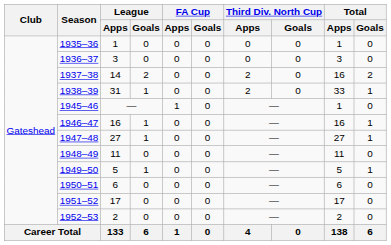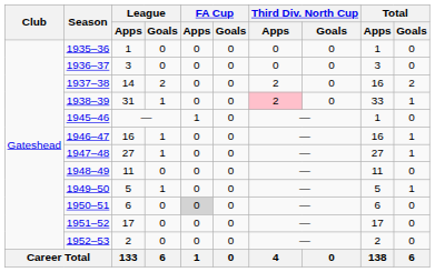 <table class="wikitable" style="text-align: center;">
 <tr>
 <th rowspan="2">Club</th>
 <th rowspan="2">Season</th>
 <th colspan="2">League</th>
 <th colspan="2"><a href='#'>FA Cup</a></th>
 <th colspan="2"><a href='#'>Third Div. North Cup</a></th>
 <th colspan="2">Total</th>
 </tr>
 <tr>
 <th>Apps</th>
 <th>Goals</th>
 <th>Apps</th>
 <th>Goals</th>
 <th>Apps</th>
 <th>Goals</th>
 <th>Apps</th>
 <th>Goals</th>
 </tr>
 <tr>
 <td rowspan="12"><a href='#'>Gateshead</a></td>
 <td><a href='#'>1935–36</a></td>
 <td>1</td>
 <td>0</td>
 <td>0</td>
 <td>0</td>
 <td>0</td>
 <td>0</td>
 <td>1</td>
 <td>0</td>
 </tr>
 <tr>
 <td><a href='#'>1936–37</a></td>
 <td>3</td>
 <td>0</td>
 <td>0</td>
 <td>0</td>
 <td>0</td>
 <td>0</td>
 <td>3</td>
 <td>0</td>
 </tr>
 <tr>
 <td><a href='#'>1937–38</a></td>
 <td>14</td>
 <td>2</td>
 <td>0</td>
 <td>0</td>
 <td>2</td>
 <td>0</td>
 <td>16</td>
 <td>2</td>
 </tr>
 <tr>
 <td><a href='#'>1938–39</a></td>
 <td>31</td>
 <td>1</td>
 <td>0</td>
 <td>0</td>
-<td>2</td>
+<td style="background: pink;">2</td>
 <td>0</td>
 <td>33</td>
 <td>1</td>
 </tr>
 <tr>
 <td><a href='#'>1945–46</a></td>
 <td colspan=2>—</td>
 <td>1</td>
 <td>0</td>
 <td colspan=2>—</td>
 <td>1</td>
 <td>0</td>
 </tr>
 <tr>
 <td><a href='#'>1946–47</a></td>
 <td>16</td>
 <td>1</td>
 <td>0</td>
 <td>0</td>
 <td colspan=2>—</td>
 <td>16</td>
 <td>1</td>
 </tr>
 <tr>
 <td><a href='#'>1947–48</a></td>
 <td>27</td>
 <td>1</td>
 <td>0</td>
 <td>0</td>
 <td colspan=2>—</td>
 <td>27</td>
 <td>1</td>
 </tr>
 <tr>
 <td><a href='#'>1948–49</a></td>
 <td>11</td>
 <td>0</td>
 <td>0</td>
 <td>0</td>
 <td colspan=2>—</td>
 <td>11</td>
 <td>0</td>
 </tr>
 <tr>
 <td><a href='#'>1949–50</a></td>
 <td>5</td>
 <td>1</td>
 <td>0</td>
 <td>0</td>
 <td colspan=2>—</td>
 <td>5</td>
 <td>1</td>
 </tr>
 <tr>
 <td><a href='#'>1950–51</a></td>
 <td>6</td>
 <td>0</td>
-<td>0</td>
+<td style="background: lightgrey;">0</td>
 <td>0</td>
 <td colspan=2>—</td>
 <td>6</td>
 <td>0</td>
 </tr>
 <tr>
 <td><a href='#'>1951–52</a></td>
 <td>17</td>
 <td>0</td>
 <td>0</td>
 <td>0</td>
 <td colspan=2>—</td>
 <td>17</td>
 <td>0</td>
 </tr>
 <tr>
 <td><a href='#'>1952–53</a></td>
 <td>2</td>
 <td>0</td>
 <td>0</td>
 <td>0</td>
 <td colspan=2>—</td>
 <td>2</td>
 <td>0</td>
 </tr>
 <tr>
 <th colspan="2">Career Total</th>
 <th>133</th>
 <th>6</th>
 <th>1</th>
 <th>0</th>
 <th>4</th>
 <th>0</th>
 <th>138</th>
 <th>6</th>
 </tr>
 </table>
